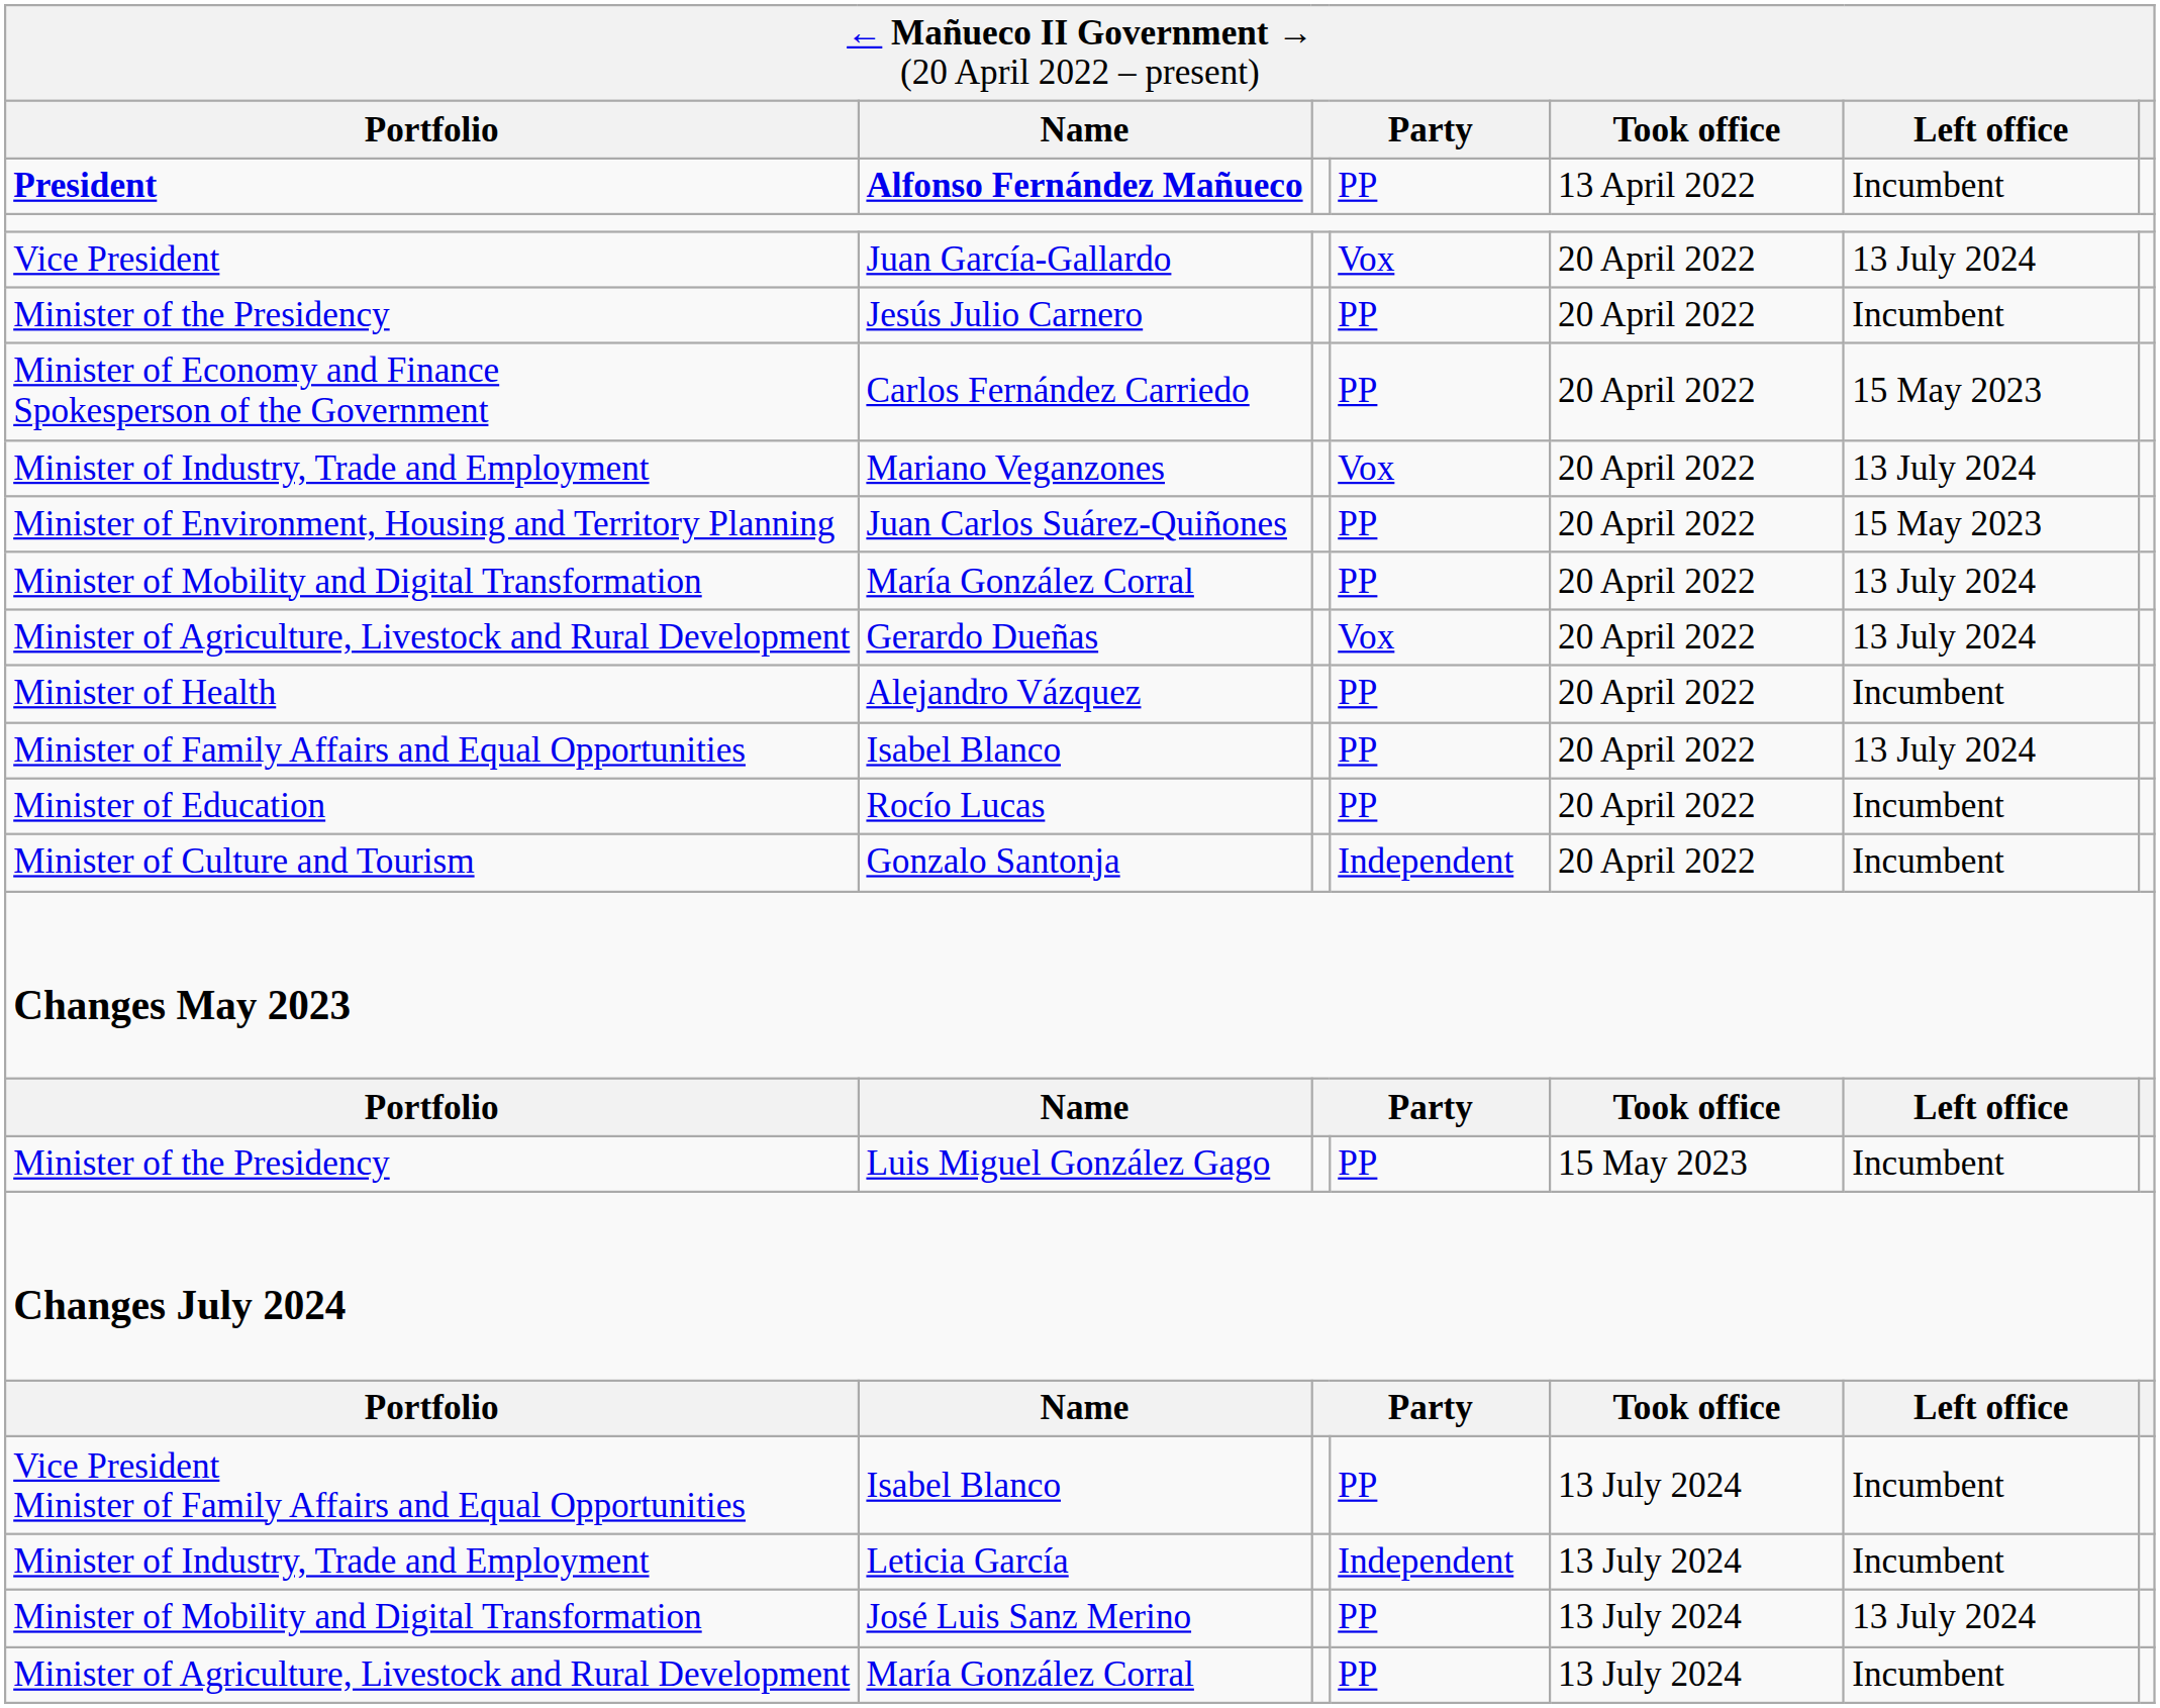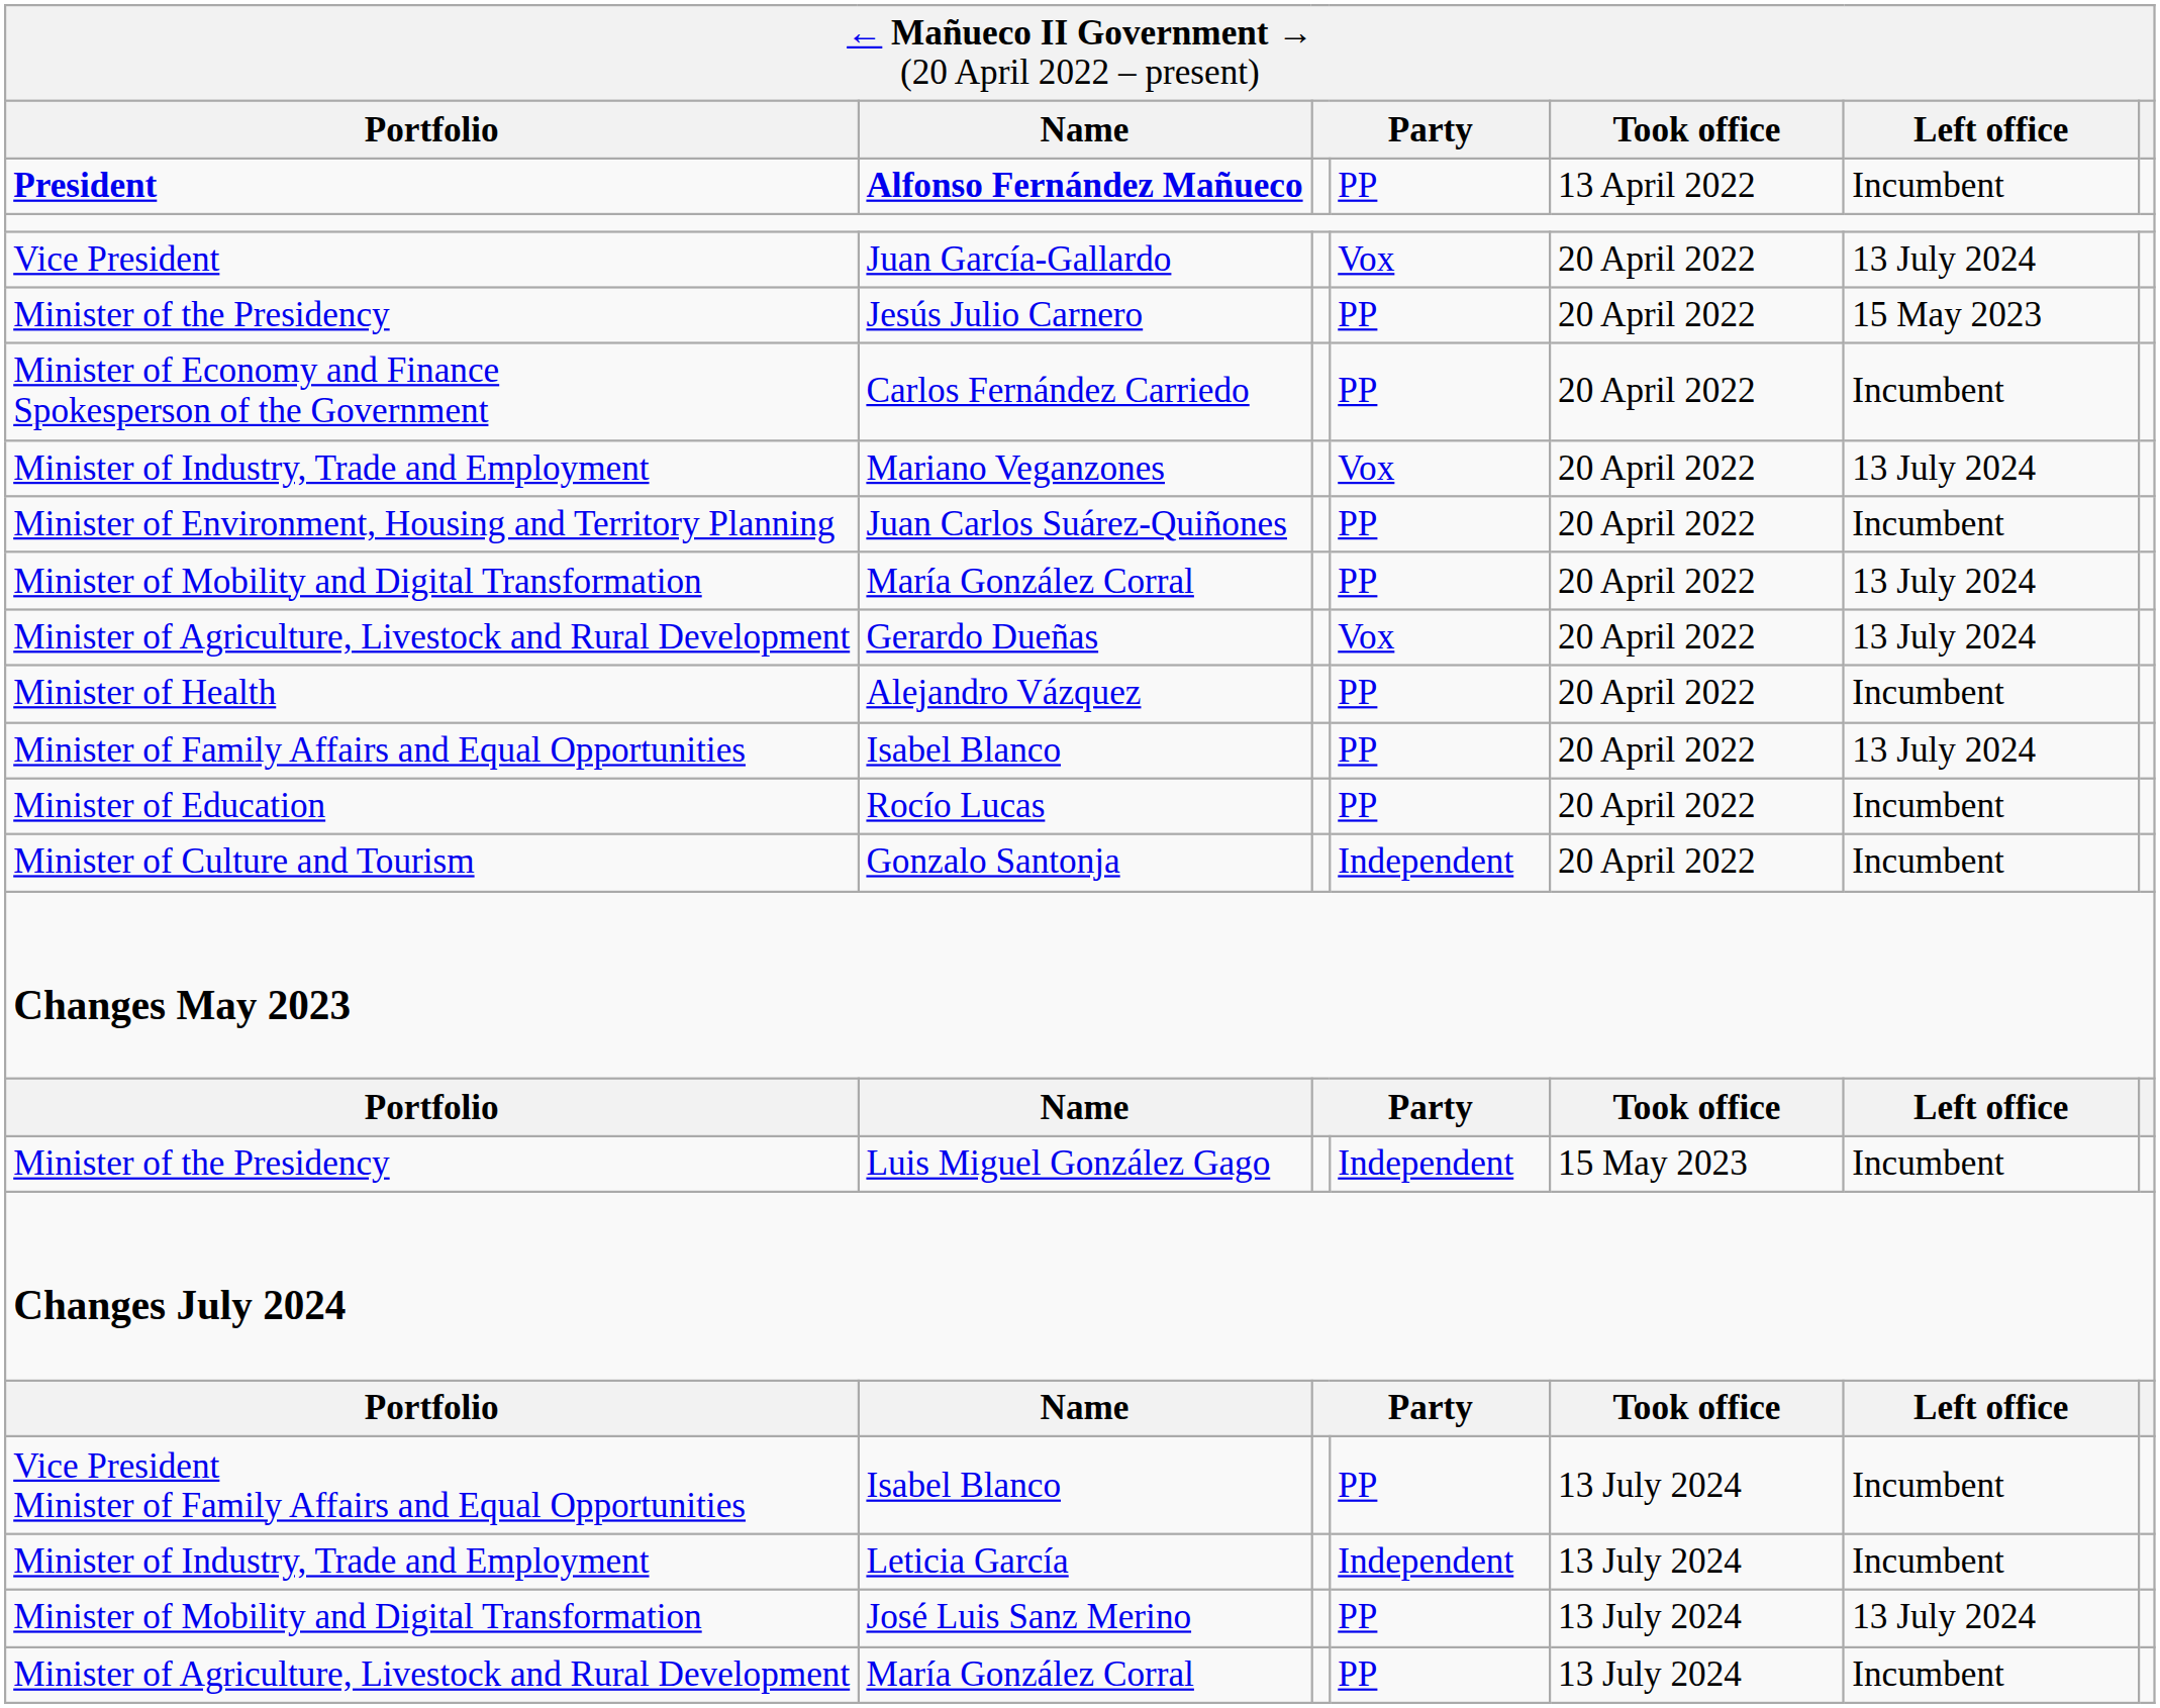 <table class="wikitable">
 <tr>
 <td colspan="7" bgcolor="#F2F2F2" align="center"><a href='#'>←</a> <strong>Mañueco II Government</strong> →<br>(20 April 2022 – present)</td>
 </tr>
 <tr>
 <th>Portfolio</th>
 <th>Name</th>
 <th width="100px" colspan="2">Party</th>
 <th width="125px">Took office</th>
 <th width="125px">Left office</th>
 <th></th>
 </tr>
 <tr>
 <td><strong><a href='#'>President</a></strong></td>
 <td><strong><a href='#'>Alfonso Fernández Mañueco</a></strong></td>
 <td width="1" style="background-color:"></td>
 <td><a href='#'>PP</a></td>
 <td>13 April 2022</td>
 <td>Incumbent</td>
 <td align="center"></td>
 </tr>
 <tr>
 <td colspan="7"></td>
 </tr>
 <tr>
 <td><a href='#'>Vice President</a></td>
 <td><a href='#'>Juan García-Gallardo</a></td>
 <td style="background-color:"></td>
 <td><a href='#'>Vox</a></td>
 <td>20 April 2022</td>
 <td>13 July 2024</td>
 <td align="center"></td>
 </tr>
 <tr>
 <td><a href='#'>Minister of the Presidency</a></td>
 <td><a href='#'>Jesús Julio Carnero</a></td>
 <td style="background-color:"></td>
 <td><a href='#'>PP</a></td>
 <td>20 April 2022</td>
-<td>Incumbent</td>
+<td>15 May 2023</td>
 <td align="center"></td>
 </tr>
 <tr>
 <td><a href='#'>Minister of Economy and Finance</a><br><a href='#'>Spokesperson of the Government</a></td>
 <td><a href='#'>Carlos Fernández Carriedo</a></td>
 <td style="background-color:"></td>
 <td><a href='#'>PP</a></td>
 <td>20 April 2022</td>
-<td>15 May 2023</td>
+<td>Incumbent</td>
 <td align="center"><br></td>
 </tr>
 <tr>
 <td><a href='#'>Minister of Industry, Trade and Employment</a></td>
 <td><a href='#'>Mariano Veganzones</a></td>
 <td style="background-color:"></td>
 <td><a href='#'>Vox</a></td>
 <td>20 April 2022</td>
 <td>13 July 2024</td>
 <td align="center"></td>
 </tr>
 <tr>
 <td><a href='#'>Minister of Environment, Housing and Territory Planning</a></td>
 <td><a href='#'>Juan Carlos Suárez-Quiñones</a></td>
 <td style="background-color:"></td>
 <td><a href='#'>PP</a></td>
 <td>20 April 2022</td>
-<td>15 May 2023</td>
+<td>Incumbent</td>
 <td align="center"></td>
 </tr>
 <tr>
 <td><a href='#'>Minister of Mobility and Digital Transformation</a></td>
 <td><a href='#'>María González Corral</a></td>
 <td style="background-color:"></td>
 <td><a href='#'>PP</a> </td>
 <td>20 April 2022</td>
 <td>13 July 2024</td>
 <td align="center"></td>
 </tr>
 <tr>
 <td><a href='#'>Minister of Agriculture, Livestock and Rural Development</a></td>
 <td><a href='#'>Gerardo Dueñas</a></td>
 <td style="background-color:"></td>
 <td><a href='#'>Vox</a></td>
 <td>20 April 2022</td>
 <td>13 July 2024</td>
 <td align="center"></td>
 </tr>
 <tr>
 <td><a href='#'>Minister of Health</a></td>
 <td><a href='#'>Alejandro Vázquez</a></td>
 <td style="background-color:"></td>
 <td><a href='#'>PP</a></td>
 <td>20 April 2022</td>
 <td>Incumbent</td>
 <td align="center"></td>
 </tr>
 <tr>
 <td><a href='#'>Minister of Family Affairs and Equal Opportunities</a></td>
 <td><a href='#'>Isabel Blanco</a></td>
 <td style="background-color:"></td>
 <td><a href='#'>PP</a></td>
 <td>20 April 2022</td>
 <td>13 July 2024</td>
 <td align="center"></td>
 </tr>
 <tr>
 <td><a href='#'>Minister of Education</a></td>
 <td><a href='#'>Rocío Lucas</a></td>
 <td style="background-color:"></td>
 <td><a href='#'>PP</a></td>
 <td>20 April 2022</td>
 <td>Incumbent</td>
 <td align="center"></td>
 </tr>
 <tr>
 <td><a href='#'>Minister of Culture and Tourism</a></td>
 <td><a href='#'>Gonzalo Santonja</a></td>
 <td style="background-color:"></td>
 <td><a href='#'>Independent</a></td>
 <td>20 April 2022</td>
 <td>Incumbent</td>
 <td align="center"></td>
 </tr>
 <tr>
 <td colspan="7"><br><h3>Changes May 2023</h3></td>
 </tr>
 <tr>
 <th>Portfolio</th>
 <th>Name</th>
 <th colspan="2">Party</th>
 <th>Took office</th>
 <th>Left office</th>
 <th></th>
 </tr>
 <tr>
 <td><a href='#'>Minister of the Presidency</a></td>
 <td><a href='#'>Luis Miguel González Gago</a></td>
 <td style="background-color:"></td>
-<td><a href='#'>PP</a></td>
+<td><a href='#'>Independent</a></td>
 <td>15 May 2023</td>
 <td>Incumbent</td>
 <td align="center"></td>
 </tr>
 <tr>
 <td colspan="7"><br><h3>Changes July 2024</h3></td>
 </tr>
 <tr>
 <th>Portfolio</th>
 <th>Name</th>
 <th colspan="2">Party</th>
 <th>Took office</th>
 <th>Left office</th>
 <th></th>
 </tr>
 <tr>
 <td><a href='#'>Vice President</a><br><a href='#'>Minister of Family Affairs and Equal Opportunities</a></td>
 <td><a href='#'>Isabel Blanco</a></td>
 <td style="background-color:"></td>
 <td><a href='#'>PP</a></td>
 <td>13 July 2024</td>
 <td>Incumbent</td>
 <td align="center"></td>
 </tr>
 <tr>
 <td><a href='#'>Minister of Industry, Trade and Employment</a></td>
 <td><a href='#'>Leticia García</a></td>
 <td style="background-color:"></td>
 <td><a href='#'>Independent</a></td>
 <td>13 July 2024</td>
 <td>Incumbent</td>
 <td align="center"></td>
 </tr>
 <tr>
 <td><a href='#'>Minister of Mobility and Digital Transformation</a></td>
 <td><a href='#'>José Luis Sanz Merino</a></td>
 <td style="background-color:"></td>
 <td><a href='#'>PP</a></td>
 <td>13 July 2024</td>
 <td>13 July 2024</td>
 <td align="center"></td>
 </tr>
 <tr>
 <td><a href='#'>Minister of Agriculture, Livestock and Rural Development</a></td>
 <td><a href='#'>María González Corral</a></td>
 <td style="background-color:"></td>
 <td><a href='#'>PP</a> </td>
 <td>13 July 2024</td>
 <td>Incumbent</td>
 <td align="center"></td>
 </tr>
 </table>
